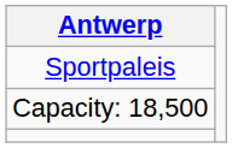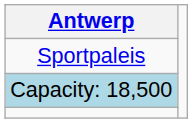 <table class="wikitable" style="margin:1em auto; text-align:center">
 <tr>
 <th><a href='#'>Antwerp</a></th>
 <td rowspan=4></td>
 </tr>
 <tr>
 <td><a href='#'>Sportpaleis</a></td>
 </tr>
 <tr>
-<td>Capacity: 18,500</td>
+<td style="background: lightblue;">Capacity: 18,500</td>
 </tr>
 <tr>
 <td></td>
 </tr>
 </table>
